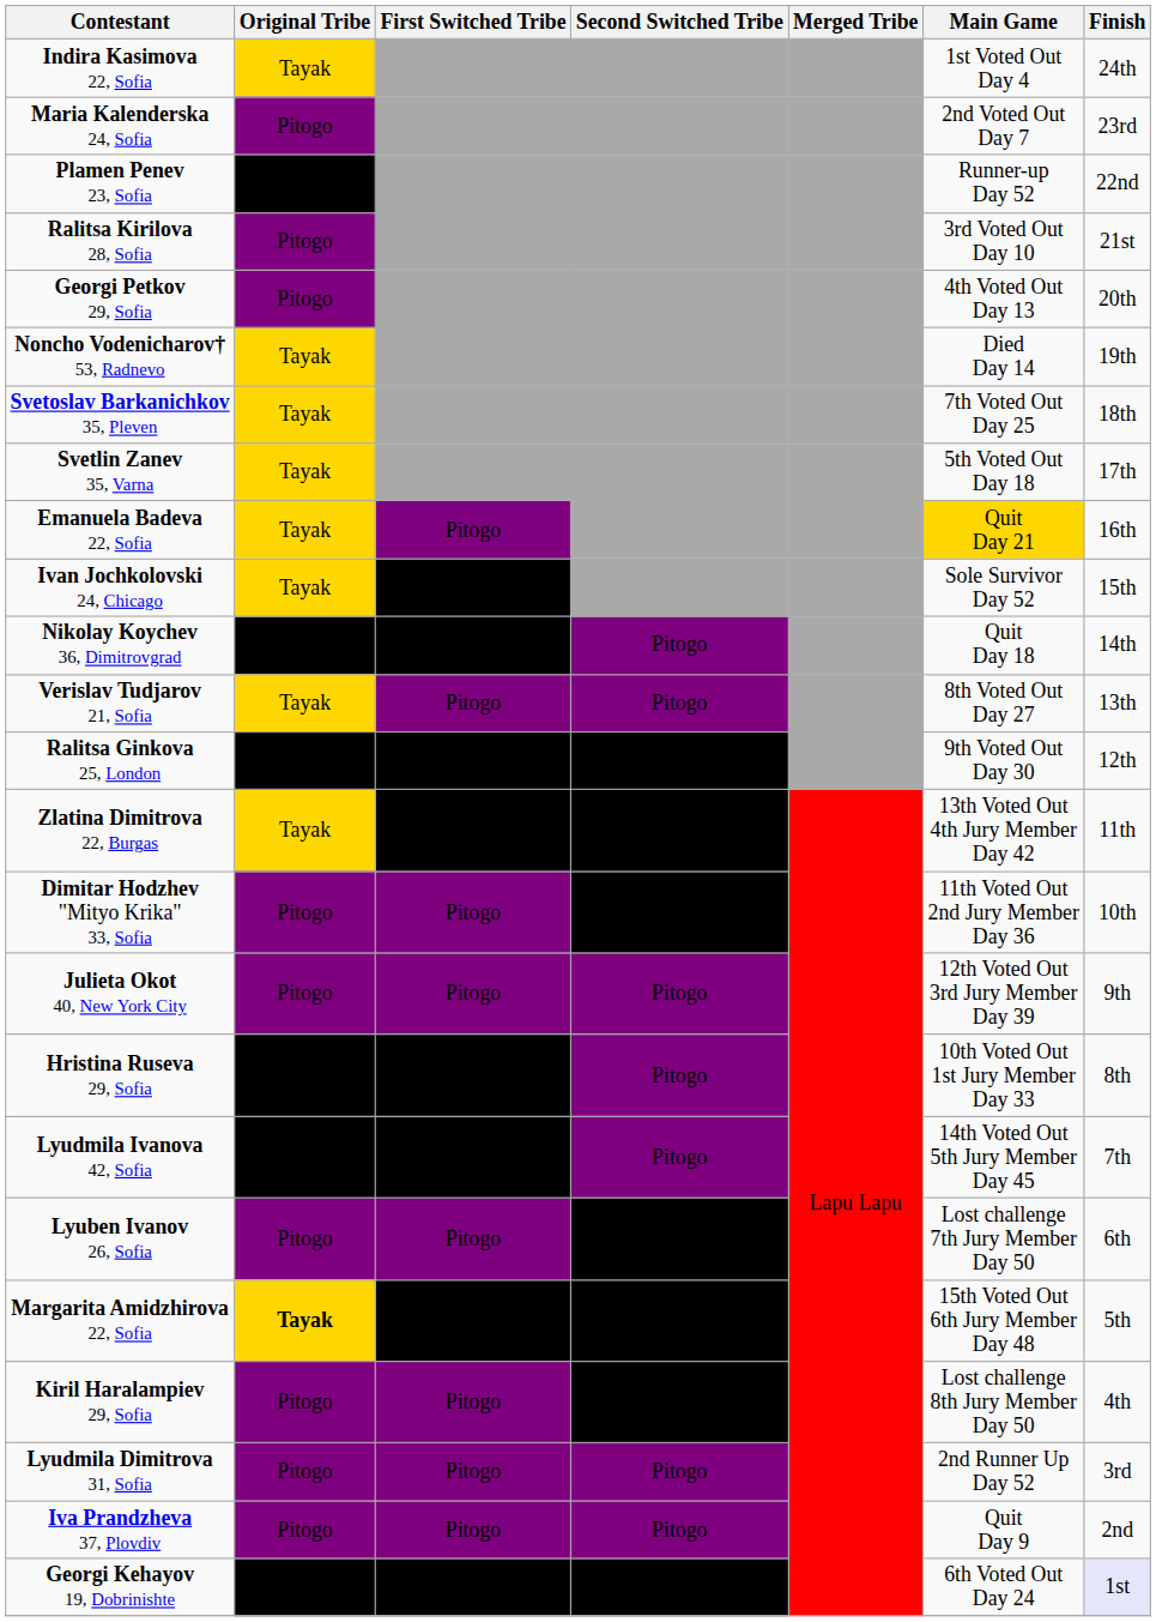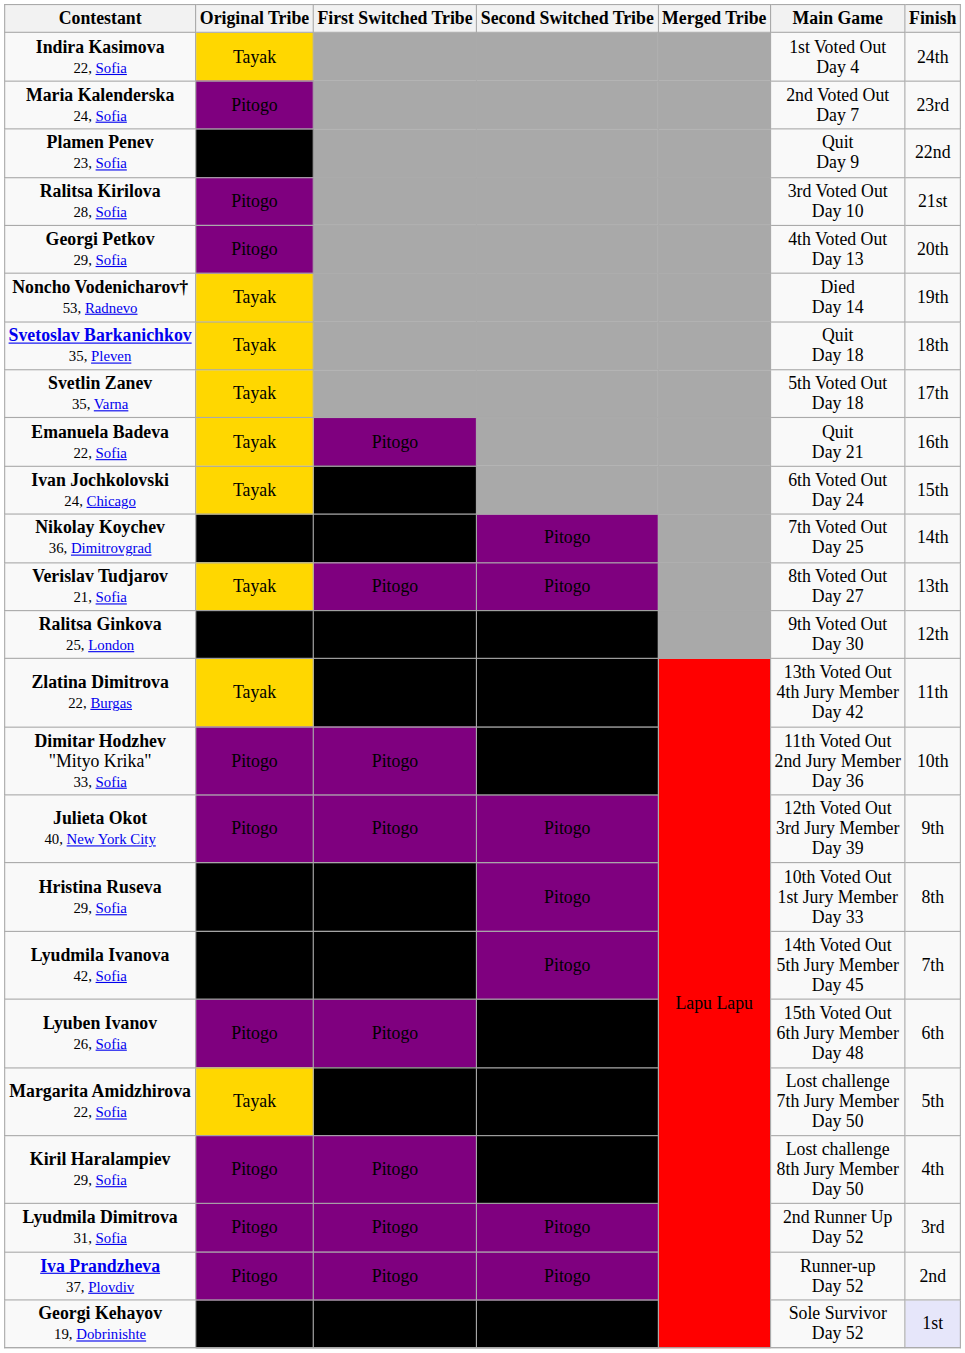 <table class="wikitable sortable" style="margin:auto; text-align:center">
 <tr>
 <th>Contestant</th>
 <th>Original Tribe</th>
 <th>First Switched Tribe</th>
 <th>Second Switched Tribe</th>
 <th>Merged Tribe</th>
 <th>Main Game</th>
 <th>Finish</th>
 </tr>
 <tr>
 <td><strong>Indira Kasimova</strong><br><small>22, <a href='#'>Sofia</a></small></td>
 <td align="center" bgcolor="#FFD700">Tayak</td>
 <td bgcolor="darkgrey"></td>
 <td bgcolor="darkgrey"></td>
 <td bgcolor="darkgrey"></td>
 <td>1st Voted Out<br>Day 4</td>
 <td>24th</td>
 </tr>
 <tr>
 <td><strong>Maria Kalenderska</strong><br><small>24, <a href='#'>Sofia</a></small></td>
 <td align="center" bgcolor="#7F007F"><span>Pitogo</span></td>
 <td bgcolor="darkgrey"></td>
 <td bgcolor="darkgrey"></td>
 <td bgcolor="darkgrey"></td>
 <td>2nd Voted Out<br>Day 7</td>
 <td>23rd</td>
 </tr>
 <tr>
 <td><strong>Plamen Penev</strong><br><small>23, <a href='#'>Sofia</a></small></td>
 <td align="center" bgcolor="black"><span>Mindanao</span></td>
 <td bgcolor="darkgrey"></td>
 <td bgcolor="darkgrey"></td>
 <td bgcolor="darkgrey"></td>
-<td>Runner-up<br>Day 52</td>
+<td>Quit<br>Day 9</td>
 <td>22nd</td>
 </tr>
 <tr>
 <td><strong>Ralitsa Kirilova</strong><br><small>28, <a href='#'>Sofia</a></small></td>
 <td align="center" bgcolor="#7F007F"><span>Pitogo</span></td>
 <td bgcolor="darkgrey"></td>
 <td bgcolor="darkgrey"></td>
 <td bgcolor="darkgrey"></td>
 <td>3rd Voted Out<br>Day 10</td>
 <td>21st</td>
 </tr>
 <tr>
 <td><strong>Georgi Petkov</strong><br><small>29, <a href='#'>Sofia</a></small></td>
 <td align="center" bgcolor="#7F007F"><span>Pitogo</span></td>
 <td bgcolor="darkgrey"></td>
 <td bgcolor="darkgrey"></td>
 <td bgcolor="darkgrey"></td>
 <td>4th Voted Out<br>Day 13</td>
 <td>20th</td>
 </tr>
 <tr>
 <td><strong>Noncho Vodenicharov†</strong><br><small>53, <a href='#'>Radnevo</a></small></td>
 <td align="center" bgcolor="#FFD700">Tayak</td>
 <td bgcolor="darkgrey"></td>
 <td bgcolor="darkgrey"></td>
 <td bgcolor="darkgrey"></td>
 <td>Died<br>Day 14</td>
 <td>19th</td>
 </tr>
 <tr>
 <td><strong><a href='#'>Svetoslav Barkanichkov</a></strong><br><small>35, <a href='#'>Pleven</a></small></td>
 <td align="center" bgcolor="#FFD700">Tayak</td>
 <td bgcolor="darkgrey"></td>
 <td bgcolor="darkgrey"></td>
 <td bgcolor="darkgrey"></td>
-<td>7th Voted Out<br>Day 25</td>
+<td>Quit<br>Day 18</td>
 <td>18th</td>
 </tr>
 <tr>
 <td><strong>Svetlin Zanev</strong><br><small>35, <a href='#'>Varna</a></small></td>
 <td align="center" bgcolor="#FFD700">Tayak</td>
 <td bgcolor="darkgrey"></td>
 <td bgcolor="darkgrey"></td>
 <td bgcolor="darkgrey"></td>
 <td>5th Voted Out<br>Day 18</td>
 <td>17th</td>
 </tr>
 <tr>
 <td><strong>Emanuela Badeva</strong><br><small>22, <a href='#'>Sofia</a></small></td>
 <td align="center" bgcolor="#FFD700">Tayak</td>
 <td align="center" bgcolor="#7F007F"><span>Pitogo</span></td>
 <td bgcolor="darkgrey"></td>
 <td bgcolor="darkgrey"></td>
-<td style="background: gold;">Quit<br>Day 21</td>
+<td>Quit<br>Day 21</td>
 <td>16th</td>
 </tr>
 <tr>
 <td><strong>Ivan Jochkolovski</strong><br><small>24, <a href='#'>Chicago</a></small></td>
 <td align="center" bgcolor="#FFD700">Tayak</td>
 <td align="center" bgcolor="black"><span>Mindanao</span></td>
 <td bgcolor="darkgrey"></td>
 <td bgcolor="darkgrey"></td>
-<td>Sole Survivor<br>Day 52</td>
+<td>6th Voted Out<br>Day 24</td>
 <td>15th</td>
 </tr>
 <tr>
 <td><strong>Nikolay Koychev</strong><br><small>36, <a href='#'>Dimitrovgrad</a></small></td>
 <td align="center" bgcolor="black"><span>Mindanao</span></td>
 <td align="center" bgcolor="black"><span>Mindanao</span></td>
 <td align="center" bgcolor="#7F007F"><span>Pitogo</span></td>
 <td bgcolor="darkgrey"></td>
-<td>Quit<br>Day 18</td>
+<td>7th Voted Out<br>Day 25</td>
 <td>14th</td>
 </tr>
 <tr>
 <td><strong>Verislav Tudjarov</strong><br><small>21, <a href='#'>Sofia</a></small></td>
 <td align="center" bgcolor="#FFD700">Tayak</td>
 <td align="center" bgcolor="#7F007F"><span>Pitogo</span></td>
 <td align="center" bgcolor="#7F007F"><span>Pitogo</span></td>
 <td bgcolor="darkgrey"></td>
 <td>8th Voted Out<br>Day 27</td>
 <td>13th</td>
 </tr>
 <tr>
 <td><strong>Ralitsa Ginkova</strong><br><small>25, <a href='#'>London</a></small></td>
 <td align="center" bgcolor="black"><span>Mindanao</span></td>
 <td align="center" bgcolor="black"><span>Mindanao</span></td>
 <td align="center" bgcolor="black"><span>Mindanao</span></td>
 <td bgcolor="darkgrey"></td>
 <td>9th Voted Out<br>Day 30</td>
 <td>12th</td>
 </tr>
 <tr>
 <td><strong>Zlatina Dimitrova</strong><br><small>22, <a href='#'>Burgas</a></small></td>
 <td align="center" bgcolor="#FFD700">Tayak</td>
 <td align="center" bgcolor="black"><span>Mindanao</span></td>
 <td align="center" bgcolor="black"><span>Mindanao</span></td>
 <td rowspan="12" align="center" bgcolor="red"><span>Lapu Lapu</span></td>
 <td>13th Voted Out<br>4th Jury Member<br>Day 42</td>
 <td>11th</td>
 </tr>
 <tr>
 <td><strong>Dimitar Hodzhev</strong><br>"Mityo Krika"<br><small>33, <a href='#'>Sofia</a></small></td>
 <td align="center" bgcolor="#7F007F"><span>Pitogo</span></td>
 <td align="center" bgcolor="#7F007F"><span>Pitogo</span></td>
 <td align="center" bgcolor="black"><span>Mindanao</span></td>
 <td>11th Voted Out<br>2nd Jury Member<br>Day 36</td>
 <td>10th</td>
 </tr>
 <tr>
 <td><strong>Julieta Okot</strong><br><small>40, <a href='#'>New York City</a></small></td>
 <td align="center" bgcolor="#7F007F"><span>Pitogo</span></td>
 <td align="center" bgcolor="#7F007F"><span>Pitogo</span></td>
 <td align="center" bgcolor="#7F007F"><span>Pitogo</span></td>
 <td>12th Voted Out<br>3rd Jury Member<br>Day 39</td>
 <td>9th</td>
 </tr>
 <tr>
 <td><strong>Hristina Ruseva</strong><br><small>29, <a href='#'>Sofia</a></small></td>
 <td align="center" bgcolor="black"><span>Mindanao</span></td>
 <td align="center" bgcolor="black"><span>Mindanao</span></td>
 <td align="center" bgcolor="#7F007F"><span>Pitogo</span></td>
 <td>10th Voted Out<br>1st Jury Member<br>Day 33</td>
 <td>8th</td>
 </tr>
 <tr>
 <td><strong>Lyudmila Ivanova</strong><br><small>42, <a href='#'>Sofia</a></small></td>
 <td align="center" bgcolor="black"><span>Mindanao</span></td>
 <td align="center" bgcolor="black"><span>Mindanao</span></td>
 <td align="center" bgcolor="#7F007F"><span>Pitogo</span></td>
 <td>14th Voted Out<br>5th Jury Member<br>Day 45</td>
 <td>7th</td>
 </tr>
 <tr>
 <td><strong>Lyuben Ivanov</strong><br><small>26, <a href='#'>Sofia</a></small></td>
 <td align="center" bgcolor="#7F007F"><span>Pitogo</span></td>
 <td align="center" bgcolor="#7F007F"><span>Pitogo</span></td>
 <td align="center" bgcolor="black"><span>Mindanao</span></td>
-<td>Lost challenge<br>7th Jury Member<br>Day 50</td>
+<td>15th Voted Out<br>6th Jury Member<br>Day 48</td>
 <td>6th</td>
 </tr>
 <tr>
 <td><strong>Margarita Amidzhirova</strong><br><small>22, <a href='#'>Sofia</a></small></td>
-<td align="center" bgcolor="#FFD700"><strong>Tayak</strong></td>
+<td align="center" bgcolor="#FFD700">Tayak</td>
 <td align="center" bgcolor="black"><span>Mindanao</span></td>
 <td align="center" bgcolor="black"><span>Mindanao</span></td>
-<td>15th Voted Out<br>6th Jury Member<br>Day 48</td>
+<td>Lost challenge<br>7th Jury Member<br>Day 50</td>
 <td>5th</td>
 </tr>
 <tr>
 <td><strong>Kiril Haralampiev</strong><br><small>29, <a href='#'>Sofia</a></small></td>
 <td align="center" bgcolor="#7F007F"><span>Pitogo</span></td>
 <td align="center" bgcolor="#7F007F"><span>Pitogo</span></td>
 <td align="center" bgcolor="black"><span>Mindanao</span></td>
 <td>Lost challenge<br>8th Jury Member<br>Day 50</td>
 <td>4th</td>
 </tr>
 <tr>
 <td><strong>Lyudmila Dimitrova</strong><br><small>31, <a href='#'>Sofia</a></small></td>
 <td align="center" bgcolor="#7F007F"><span>Pitogo</span></td>
 <td align="center" bgcolor="#7F007F"><span>Pitogo</span></td>
 <td align="center" bgcolor="#7F007F"><span>Pitogo</span></td>
 <td>2nd Runner Up<br>Day 52</td>
 <td>3rd</td>
 </tr>
 <tr>
 <td><strong><a href='#'>Iva Prandzheva</a></strong><br><small>37, <a href='#'>Plovdiv</a></small></td>
 <td align="center" bgcolor="#7F007F"><span>Pitogo</span></td>
 <td align="center" bgcolor="#7F007F"><span>Pitogo</span></td>
 <td align="center" bgcolor="#7F007F"><span>Pitogo</span></td>
-<td>Quit<br>Day 9</td>
+<td>Runner-up<br>Day 52</td>
 <td>2nd</td>
 </tr>
 <tr>
 <td><strong>Georgi Kehayov</strong><br><small>19, <a href='#'>Dobrinishte</a></small></td>
 <td align="center" bgcolor="black"><span>Mindanao</span></td>
 <td align="center" bgcolor="black"><span>Mindanao</span></td>
 <td align="center" bgcolor="black"><span>Mindanao</span></td>
-<td>6th Voted Out<br>Day 24</td>
+<td>Sole Survivor<br>Day 52</td>
 <td style="background: lavender;">1st</td>
 </tr>
 <tr>
 </tr>
 </table>
